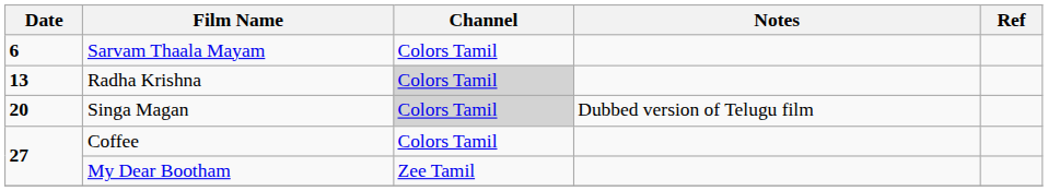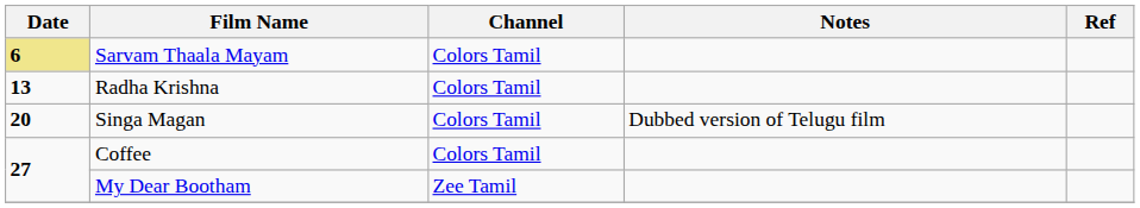 <table class="wikitable" width="55%">
 <tr>
 <th>Date</th>
 <th>Film Name</th>
 <th>Channel</th>
 <th>Notes</th>
 <th>Ref</th>
 </tr>
 <tr>
-<td rowspan="1"><strong>6</strong></td>
+<td rowspan="1" style="background: khaki;"><strong>6</strong></td>
 <td><a href='#'>Sarvam Thaala Mayam</a></td>
 <td><a href='#'>Colors Tamil</a></td>
 <td></td>
 <td></td>
 </tr>
 <tr>
 <td rowspan="1"><strong>13</strong></td>
 <td>Radha Krishna</td>
-<td style="background: lightgrey;"><a href='#'>Colors Tamil</a></td>
+<td><a href='#'>Colors Tamil</a></td>
 <td></td>
 <td></td>
 </tr>
 <tr>
 <td rowspan="1"><strong>20</strong></td>
 <td>Singa Magan</td>
-<td style="background: lightgrey;"><a href='#'>Colors Tamil</a></td>
+<td><a href='#'>Colors Tamil</a></td>
 <td>Dubbed version of Telugu film</td>
 <td></td>
 </tr>
 <tr>
 <td rowspan="2"><strong>27</strong></td>
 <td>Coffee</td>
 <td><a href='#'>Colors Tamil</a></td>
 <td></td>
 <td></td>
 </tr>
 <tr>
 <td><a href='#'>My Dear Bootham</a></td>
 <td><a href='#'>Zee Tamil</a></td>
 <td></td>
 <td></td>
 </tr>
 <tr>
 </tr>
 </table>
